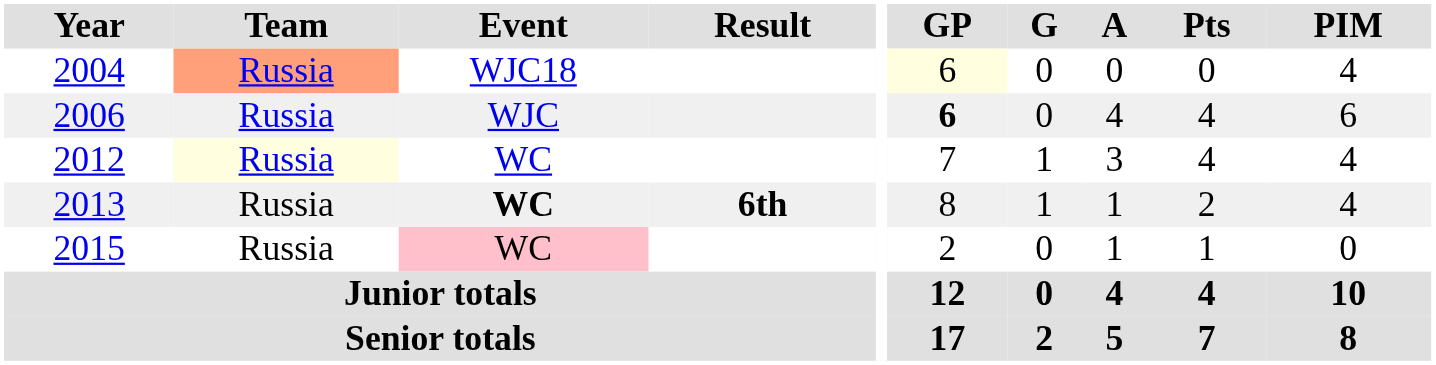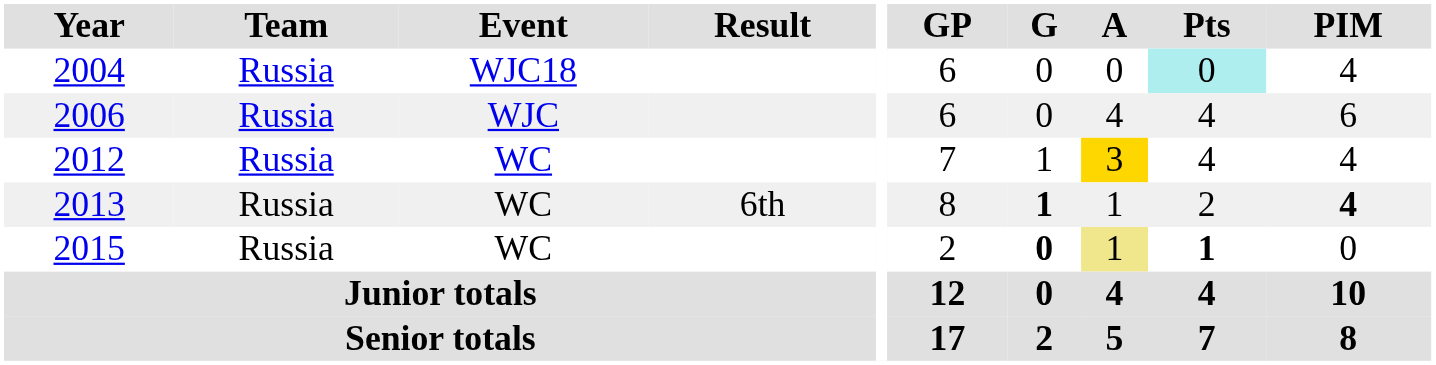 <table border="0" cellpadding="1" cellspacing="0" ID="Table3" style="text-align:center; width:40em">
 <tr ALIGN="center" bgcolor="#e0e0e0">
 <th>Year</th>
 <th>Team</th>
 <th>Event</th>
 <th>Result</th>
 <th rowspan="99" bgcolor="#ffffff"></th>
 <th>GP</th>
 <th>G</th>
 <th>A</th>
 <th>Pts</th>
 <th>PIM</th>
 </tr>
 <tr>
 <td><a href='#'>2004</a></td>
-<td style="background: lightsalmon;"><a href='#'>Russia</a></td>
+<td><a href='#'>Russia</a></td>
 <td><a href='#'>WJC18</a></td>
 <td></td>
-<td style="background: lightyellow;">6</td>
+<td>6</td>
 <td>0</td>
 <td>0</td>
-<td>0</td>
+<td style="background: paleturquoise;">0</td>
 <td>4</td>
 </tr>
 <tr bgcolor="#f0f0f0">
 <td><a href='#'>2006</a></td>
 <td><a href='#'>Russia</a></td>
 <td><a href='#'>WJC</a></td>
 <td></td>
-<td><strong>6</strong></td>
+<td>6</td>
 <td>0</td>
 <td>4</td>
 <td>4</td>
 <td>6</td>
 </tr>
 <tr>
 <td><a href='#'>2012</a></td>
-<td style="background: lightyellow;"><a href='#'>Russia</a></td>
+<td><a href='#'>Russia</a></td>
 <td><a href='#'>WC</a></td>
 <td></td>
 <td>7</td>
 <td>1</td>
-<td>3</td>
+<td style="background: gold;">3</td>
 <td>4</td>
 <td>4</td>
 </tr>
 <tr bgcolor="#f0f0f0">
 <td><a href='#'>2013</a></td>
 <td>Russia</td>
-<td><strong>WC</strong></td>
-<td><strong>6th</strong></td>
+<td>WC</td>
+<td>6th</td>
 <td>8</td>
-<td>1</td>
+<td><strong>1</strong></td>
 <td>1</td>
 <td>2</td>
-<td>4</td>
+<td><strong>4</strong></td>
 </tr>
 <tr>
 <td><a href='#'>2015</a></td>
 <td>Russia</td>
-<td style="background: pink;">WC</td>
+<td>WC</td>
 <td></td>
 <td>2</td>
-<td>0</td>
-<td>1</td>
-<td>1</td>
+<td><strong>0</strong></td>
+<td style="background: khaki;">1</td>
+<td><strong>1</strong></td>
 <td>0</td>
 </tr>
 <tr bgcolor="#e0e0e0">
 <th colspan="4">Junior totals</th>
 <th>12</th>
 <th>0</th>
 <th>4</th>
 <th>4</th>
 <th>10</th>
 </tr>
 <tr bgcolor="#e0e0e0">
 <th colspan="4">Senior totals</th>
 <th>17</th>
 <th>2</th>
 <th>5</th>
 <th>7</th>
 <th>8</th>
 </tr>
 </table>
